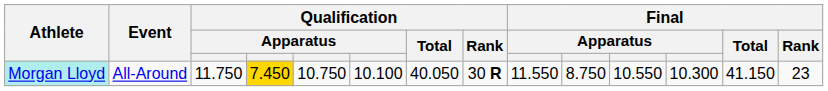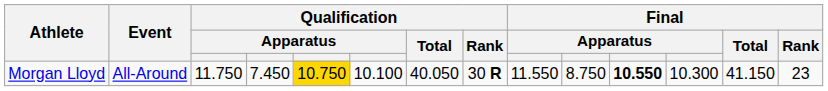 <table class="wikitable" style="font-size:90%">
 <tr>
 <th rowspan=3>Athlete</th>
 <th rowspan=3>Event</th>
 <th colspan =6>Qualification</th>
 <th colspan =6>Final</th>
 </tr>
 <tr style="font-size:95%">
 <th colspan=4>Apparatus</th>
 <th rowspan=2>Total</th>
 <th rowspan=2>Rank</th>
 <th colspan=4>Apparatus</th>
 <th rowspan=2>Total</th>
 <th rowspan=2>Rank</th>
 </tr>
 <tr style="font-size:95%">
 <th></th>
 <th></th>
 <th></th>
 <th></th>
 <th></th>
 <th></th>
 <th></th>
 <th></th>
 </tr>
 <tr align=center>
-<td align=left style="background: paleturquoise;"><a href='#'>Morgan Lloyd</a></td>
+<td align=left><a href='#'>Morgan Lloyd</a></td>
 <td style="text-align:left;"><a href='#'>All-Around</a></td>
 <td>11.750</td>
-<td style="background: gold;">7.450</td>
-<td>10.750</td>
+<td>7.450</td>
+<td style="background: gold;">10.750</td>
 <td>10.100</td>
 <td>40.050</td>
 <td>30 <strong>R</strong></td>
 <td>11.550</td>
 <td>8.750</td>
-<td>10.550</td>
+<td><strong>10.550</strong></td>
 <td>10.300</td>
 <td>41.150</td>
 <td>23</td>
 </tr>
 </table>
